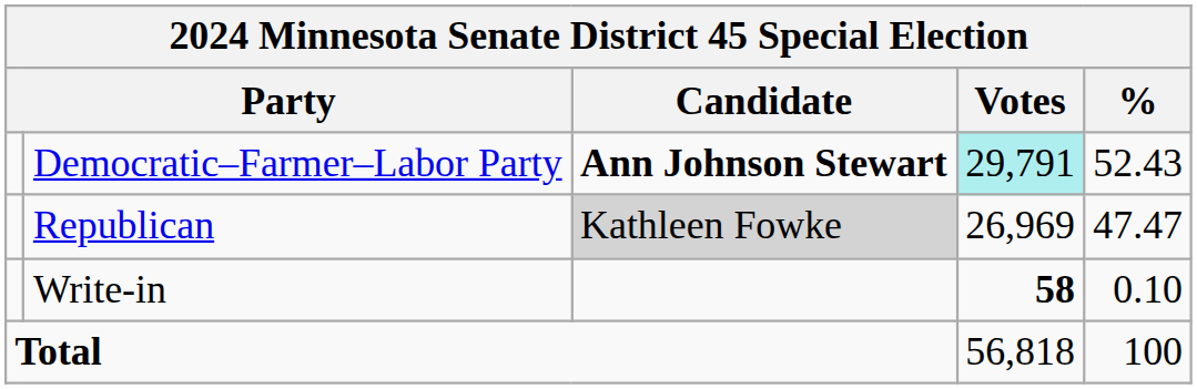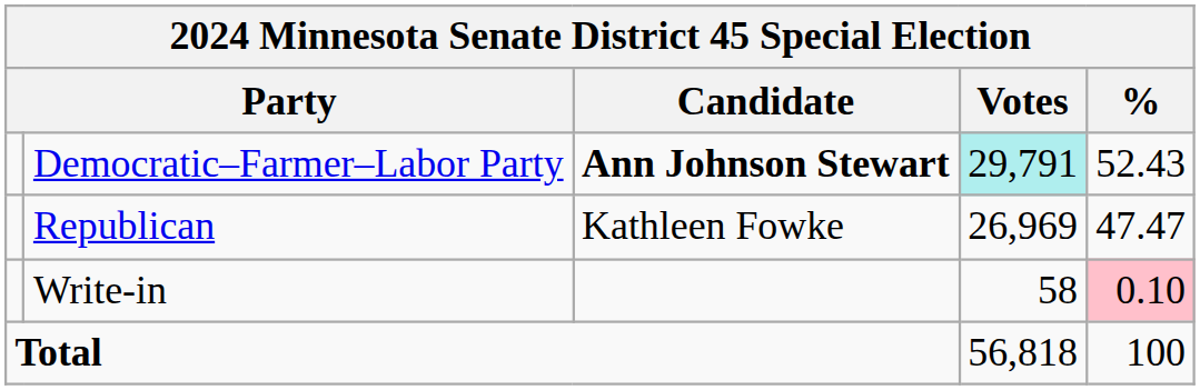 <table class="wikitable">
 <tr>
 <th colspan="6">2024 Minnesota Senate District 45 Special Election</th>
 </tr>
 <tr>
 <th colspan="2">Party</th>
 <th>Candidate</th>
 <th>Votes</th>
 <th>%</th>
 </tr>
 <tr>
 <td style="background-color:"></td>
 <td><a href='#'>Democratic–Farmer–Labor Party</a></td>
 <td><strong>Ann Johnson Stewart</strong></td>
 <td align="right" style="background: paleturquoise;">29,791</td>
 <td align="right">52.43</td>
 </tr>
 <tr>
 <td style="background-color:"></td>
 <td><a href='#'>Republican</a></td>
-<td style="background: lightgrey;">Kathleen Fowke</td>
+<td>Kathleen Fowke</td>
 <td align="right">26,969</td>
 <td align="right">47.47</td>
 </tr>
 <tr>
 <td Write-in></td>
 <td>Write-in</td>
 <td></td>
-<td align="right"><strong>58</strong></td>
-<td align="right">0.10</td>
+<td align="right">58</td>
+<td align="right" style="background: pink;">0.10</td>
 </tr>
 <tr>
 <td colspan="3"><strong>Total</strong></td>
 <td align="right">56,818</td>
 <td align="right">100</td>
 </tr>
 </table>
